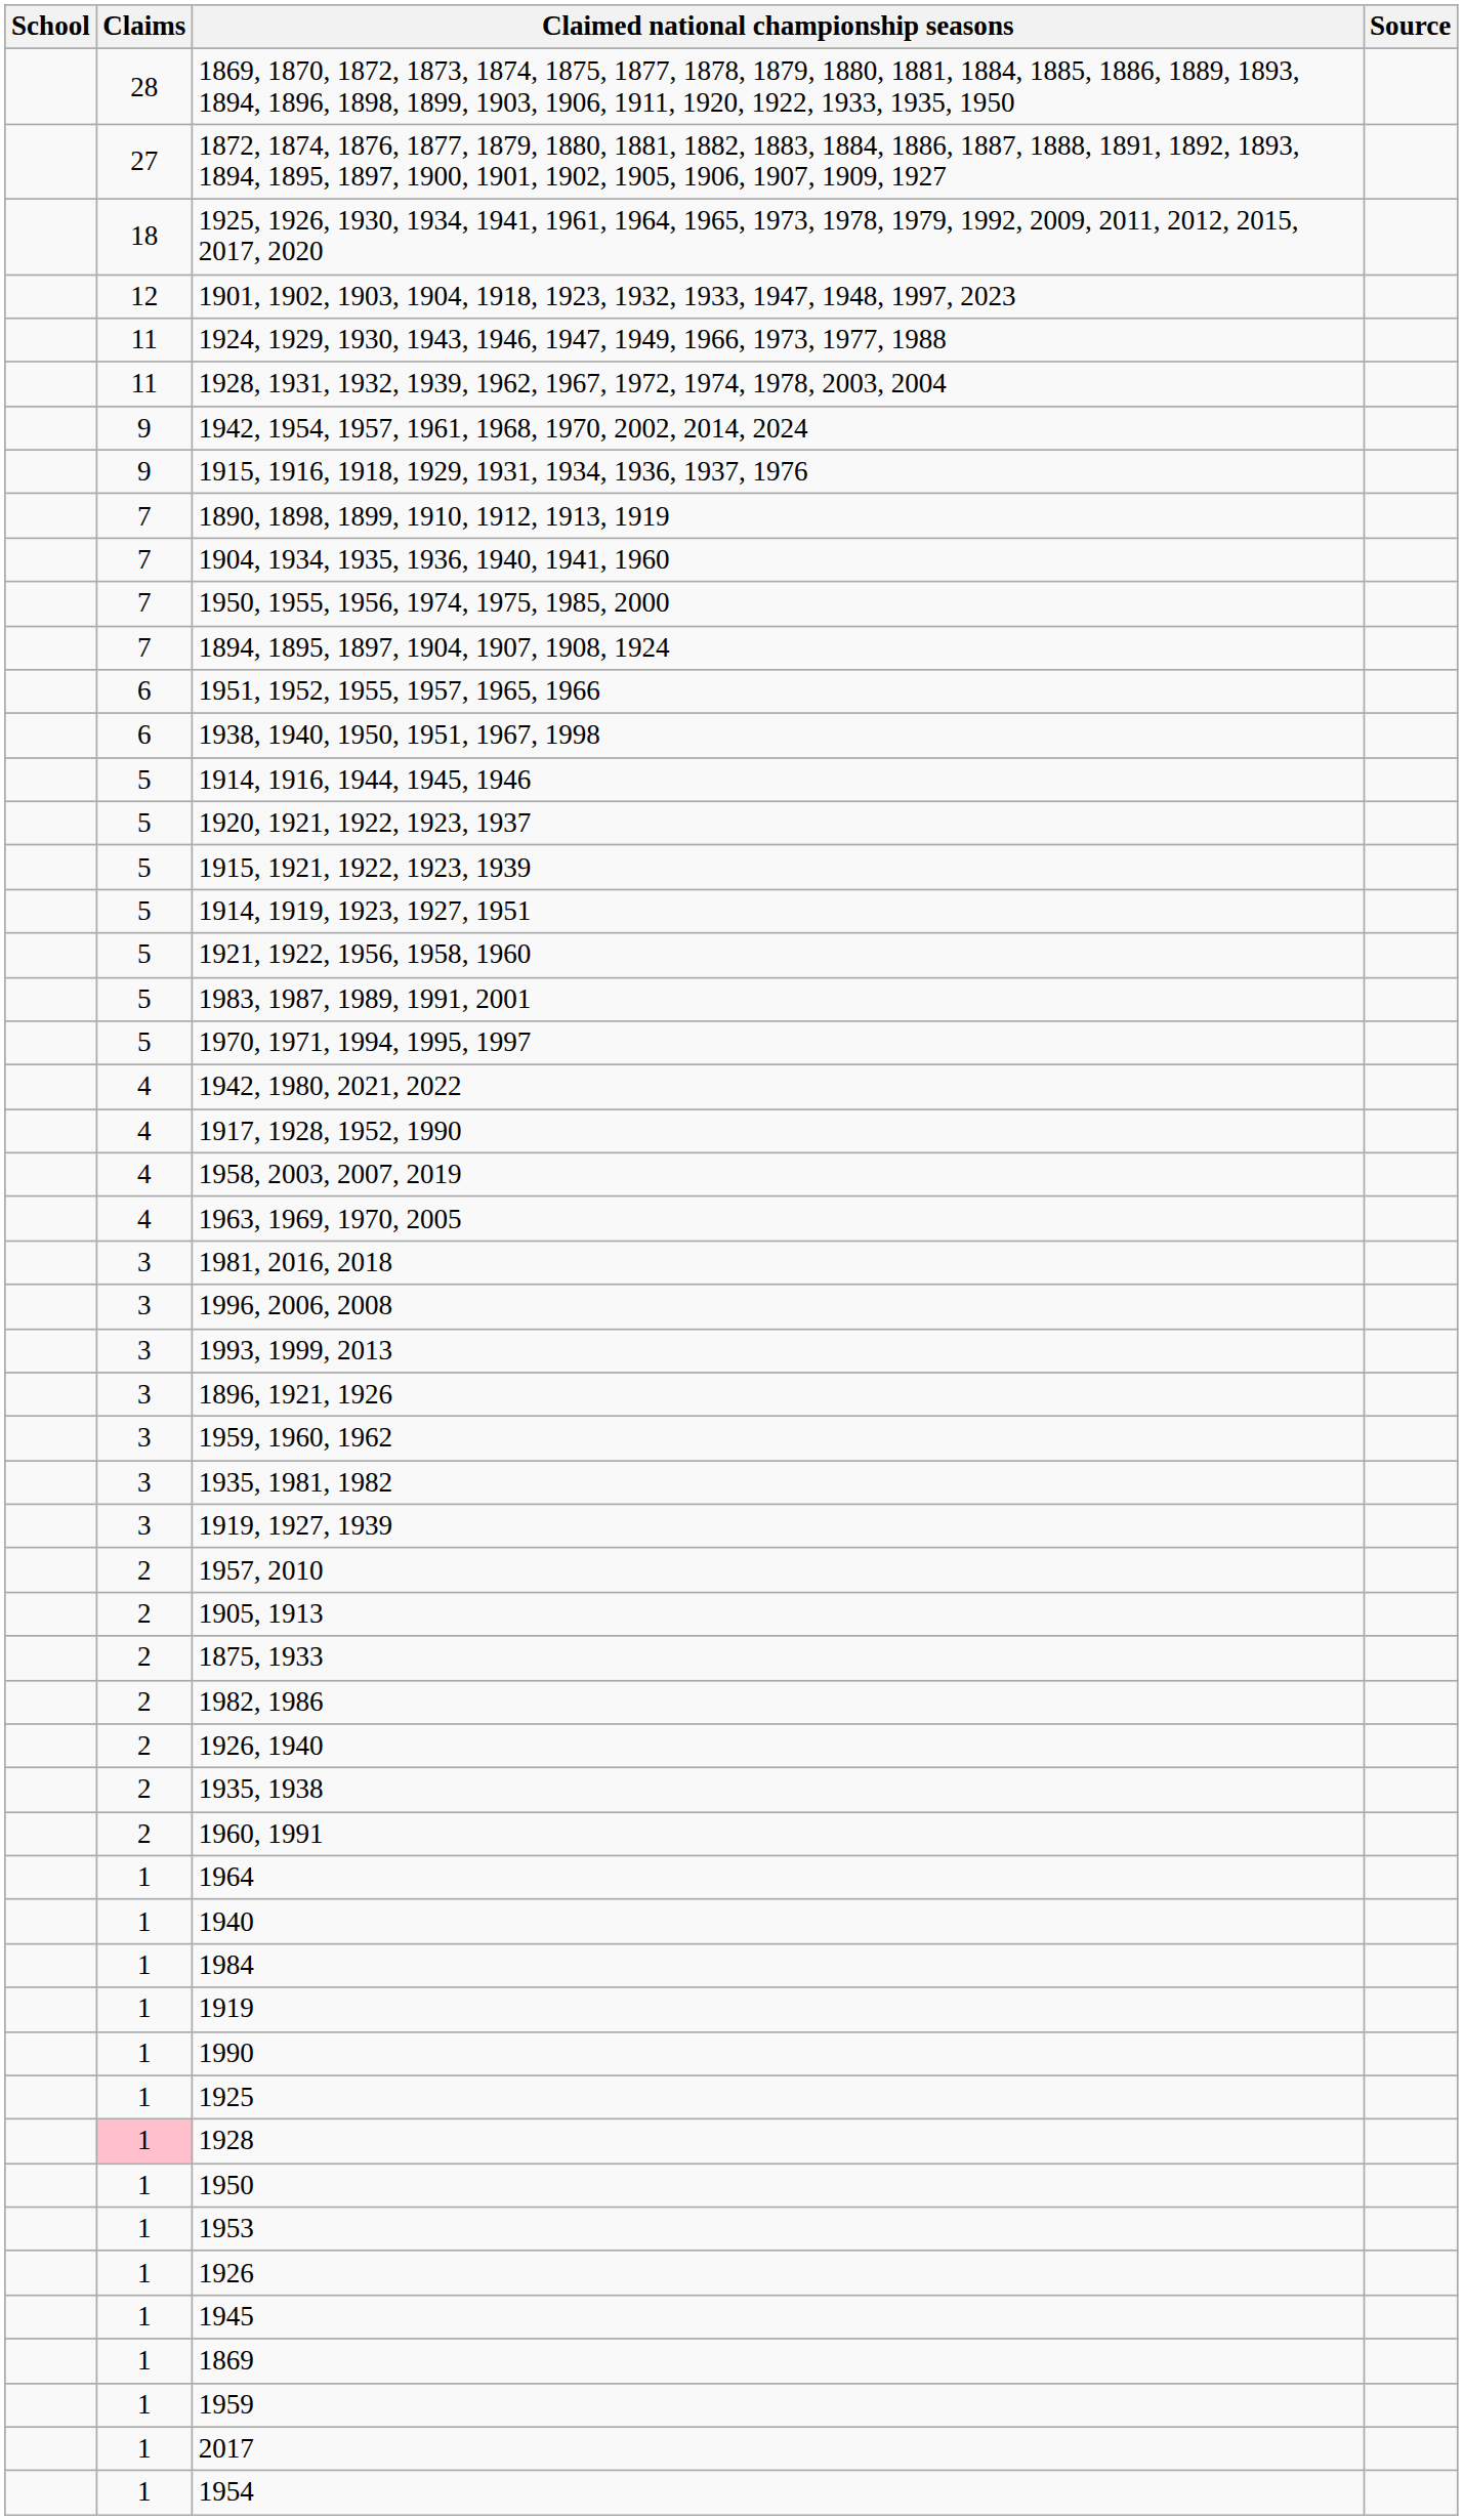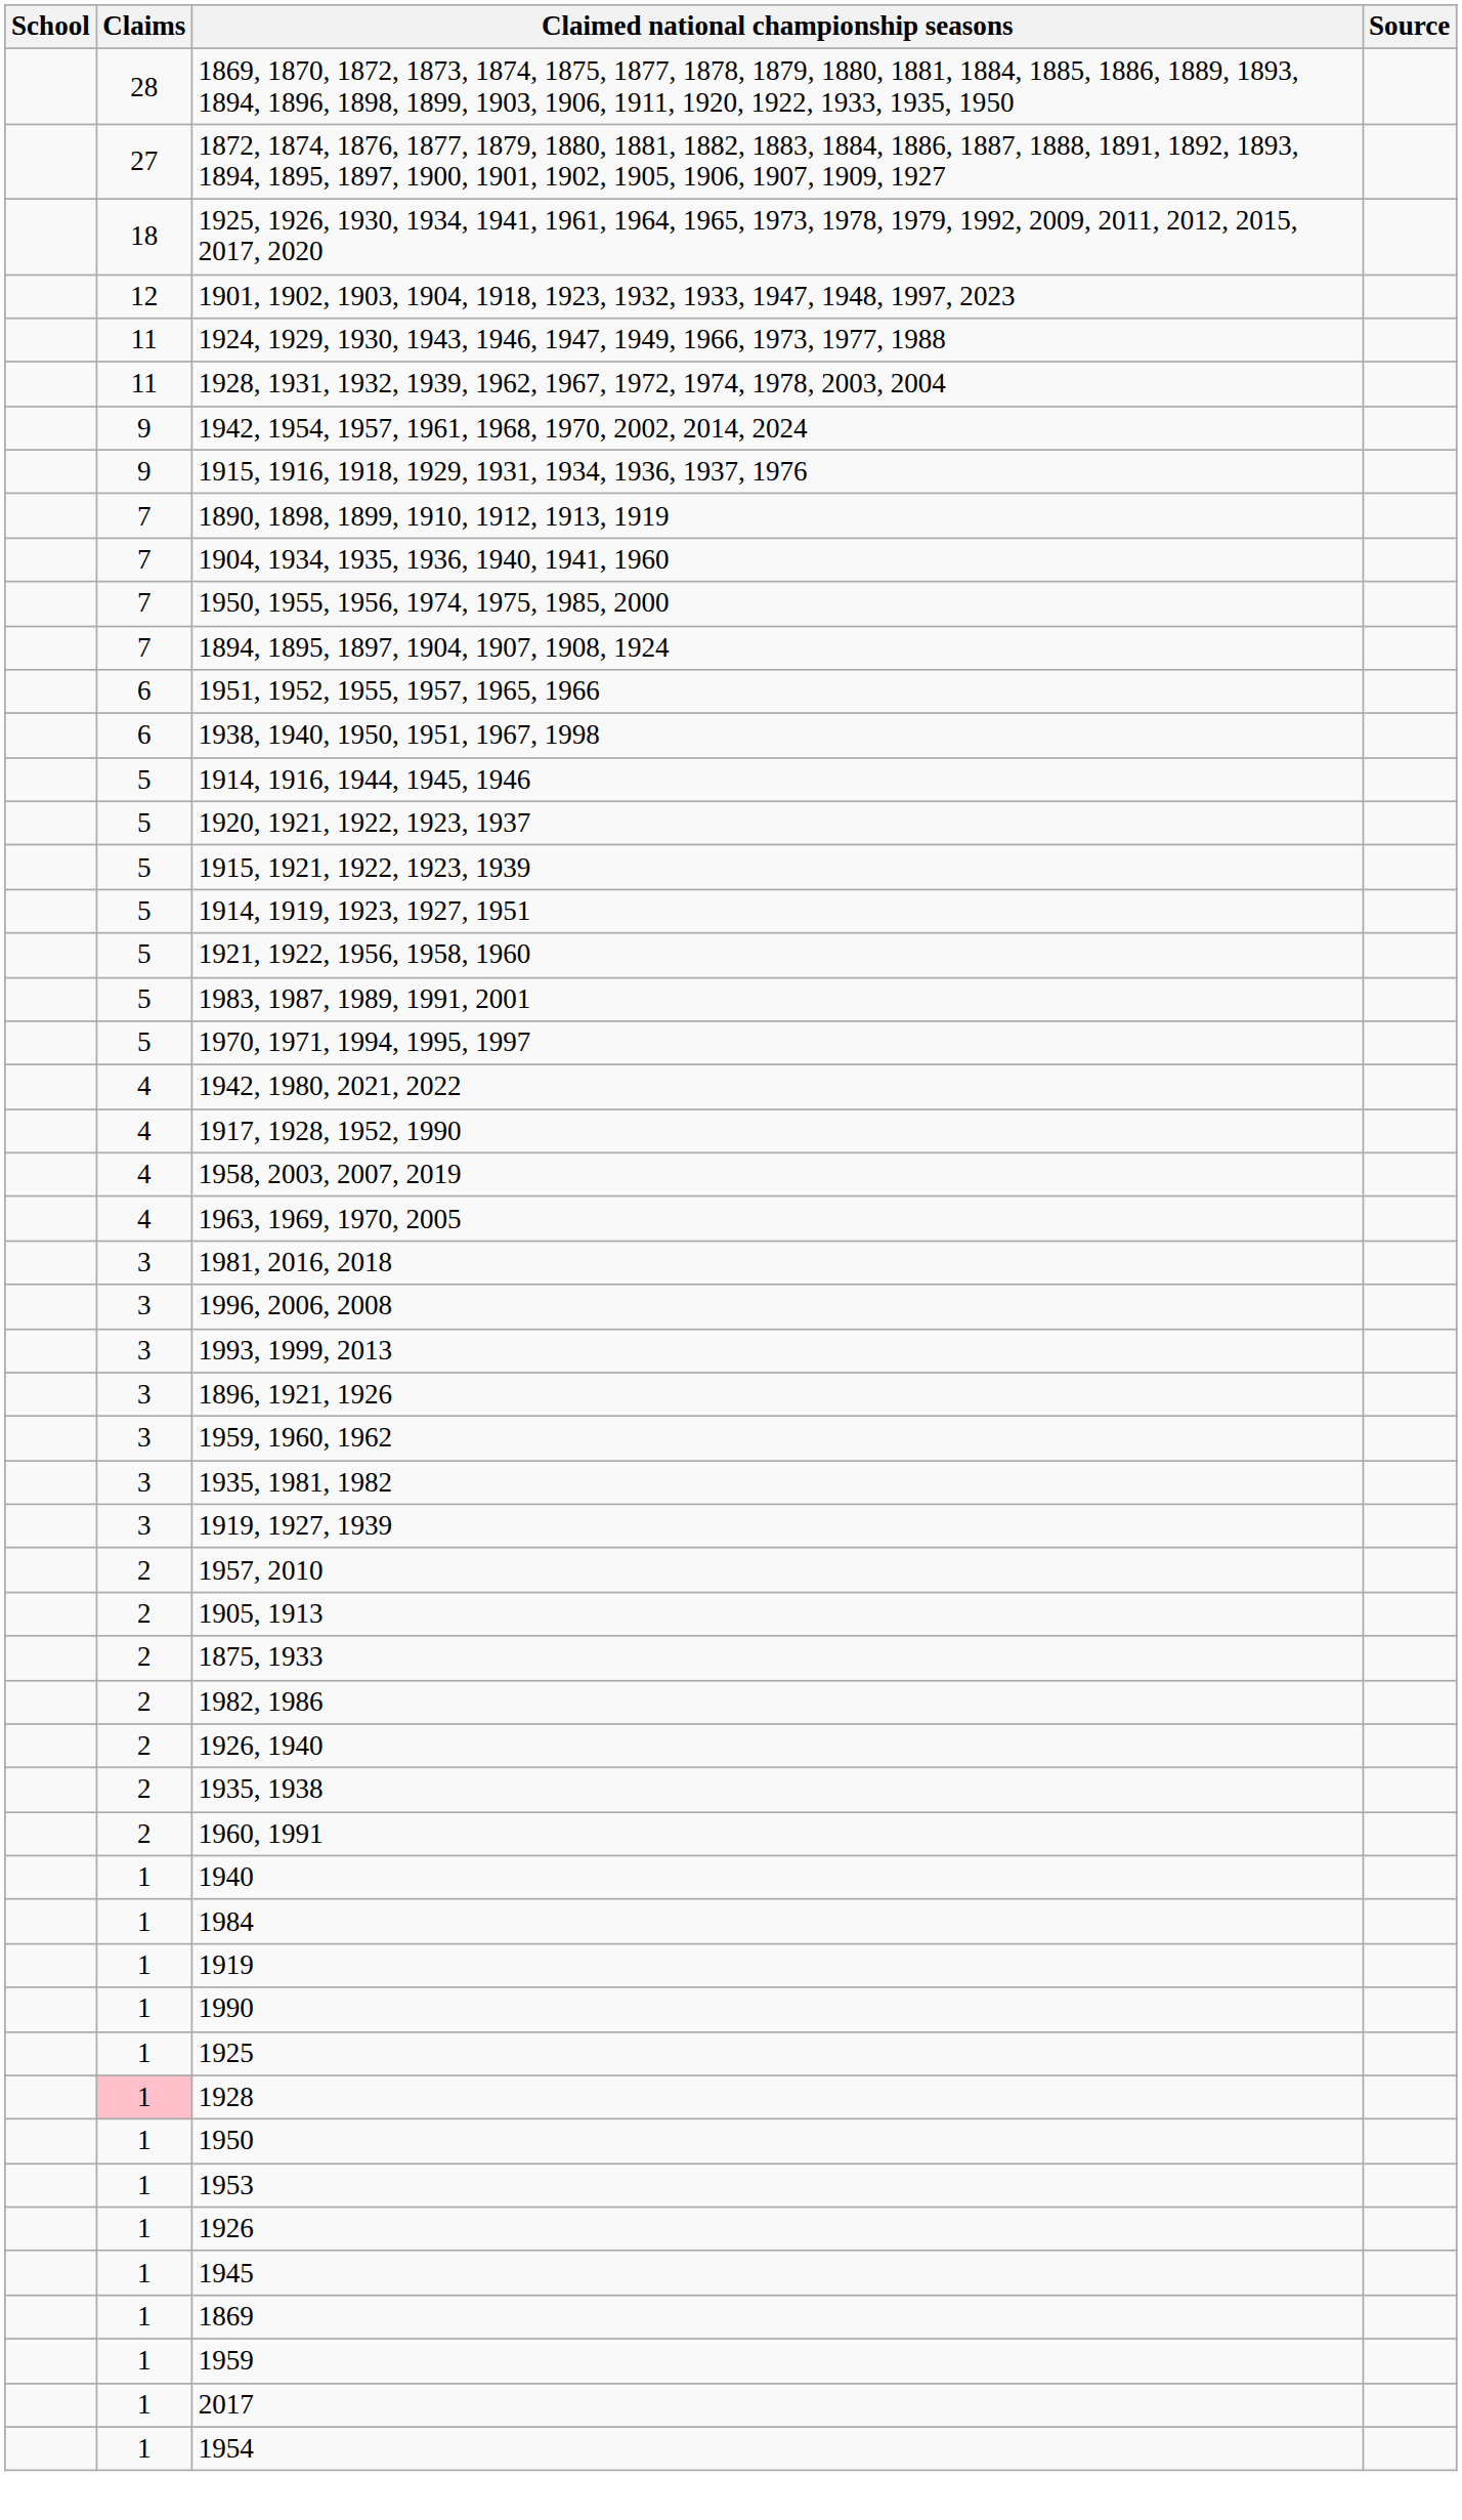 <table class="wikitable sortable" style="width:95%;text-align:center">
 <tr>
 <th style="width:*;">School</th>
 <th style="width:*;">Claims</th>
 <th style="width:*;" class="unsortable">Claimed national championship seasons</th>
 <th style="width:*;" class="unsortable">Source</th>
 </tr>
 <tr>
 <td style=><strong></strong></td>
 <td>28</td>
 <td align=left>1869, 1870, 1872, 1873, 1874, 1875, 1877, 1878, 1879, 1880, 1881, 1884, 1885, 1886, 1889, 1893, 1894, 1896, 1898, 1899, 1903, 1906, 1911, 1920, 1922, 1933, 1935, 1950</td>
 <td></td>
 </tr>
 <tr>
 <td style=><strong><a href='#'></a></strong></td>
 <td>27</td>
 <td align=left>1872, 1874, 1876, 1877, 1879, 1880, 1881, 1882, 1883, 1884, 1886, 1887, 1888, 1891, 1892, 1893,  1894, 1895, 1897, 1900, 1901, 1902, 1905, 1906, 1907, 1909, 1927</td>
 <td></td>
 </tr>
 <tr>
 <td><strong><a href='#'></a></strong></td>
 <td>18</td>
 <td align=left>1925, 1926, 1930, 1934, 1941, 1961, 1964, 1965, 1973, 1978, 1979, 1992, 2009, 2011, 2012, 2015, 2017, 2020</td>
 <td></td>
 </tr>
 <tr>
 <td style=><strong></strong></td>
 <td>12</td>
 <td align=left>1901, 1902, 1903, 1904, 1918, 1923, 1932, 1933, 1947, 1948, 1997, 2023</td>
 <td></td>
 </tr>
 <tr>
 <td><strong></strong></td>
 <td>11</td>
 <td align=left>1924, 1929, 1930, 1943, 1946, 1947, 1949, 1966, 1973, 1977, 1988</td>
 <td></td>
 </tr>
 <tr>
 <td style=><strong></strong></td>
 <td>11</td>
 <td align=left>1928, 1931, 1932, 1939, 1962, 1967, 1972, 1974, 1978, 2003, 2004</td>
 <td></td>
 </tr>
 <tr>
 <td style=><strong><a href='#'></a></strong></td>
 <td>9</td>
 <td align=left>1942, 1954, 1957, 1961, 1968, 1970, 2002, 2014, 2024</td>
 <td></td>
 </tr>
 <tr>
 <td style=><strong></strong></td>
 <td>9</td>
 <td align=left>1915, 1916, 1918, 1929, 1931, 1934, 1936, 1937, 1976</td>
 <td></td>
 </tr>
 <tr>
 <td><strong><a href='#'></a></strong></td>
 <td>7</td>
 <td align=left>1890, 1898, 1899, 1910, 1912, 1913, 1919</td>
 <td></td>
 </tr>
 <tr>
 <td style=><strong></strong></td>
 <td>7</td>
 <td align=left>1904, 1934, 1935, 1936, 1940, 1941, 1960</td>
 <td></td>
 </tr>
 <tr>
 <td style=><strong></strong></td>
 <td>7</td>
 <td align=left>1950, 1955, 1956, 1974, 1975, 1985, 2000</td>
 <td></td>
 </tr>
 <tr>
 <td style=><strong><a href='#'></a></strong></td>
 <td>7</td>
 <td align=left>1894, 1895, 1897, 1904, 1907, 1908, 1924</td>
 <td></td>
 </tr>
 <tr>
 <td style=></td>
 <td>6</td>
 <td align=left>1951, 1952, 1955, 1957, 1965, 1966</td>
 <td></td>
 </tr>
 <tr>
 <td style=><strong><a href='#'></a></strong></td>
 <td>6</td>
 <td align=left>1938, 1940, 1950, 1951, 1967, 1998</td>
 <td></td>
 </tr>
 <tr>
 <td style=><strong></strong></td>
 <td>5</td>
 <td align=left>1914, 1916, 1944, 1945, 1946</td>
 <td></td>
 </tr>
 <tr>
 <td style=><strong></strong></td>
 <td>5</td>
 <td align=left>1920, 1921, 1922, 1923, 1937</td>
 <td></td>
 </tr>
 <tr>
 <td style=><strong><a href='#'></a></strong></td>
 <td>5</td>
 <td align=left>1915, 1921, 1922, 1923, 1939</td>
 <td></td>
 </tr>
 <tr>
 <td style=><strong></strong></td>
 <td>5</td>
 <td align=left>1914, 1919, 1923, 1927, 1951</td>
 <td></td>
 </tr>
 <tr>
 <td style=><strong></strong></td>
 <td>5</td>
 <td align=left>1921, 1922, 1956, 1958, 1960</td>
 <td><br></td>
 </tr>
 <tr>
 <td style=><strong><a href='#'></a></strong></td>
 <td>5</td>
 <td align=left>1983, 1987, 1989, 1991, 2001</td>
 <td></td>
 </tr>
 <tr>
 <td style=><strong></strong></td>
 <td>5</td>
 <td align=left>1970, 1971, 1994, 1995, 1997</td>
 <td></td>
 </tr>
 <tr>
 <td style=><strong><a href='#'></a></strong></td>
 <td>4</td>
 <td align=left>1942, 1980, 2021, 2022</td>
 <td></td>
 </tr>
 <tr>
 <td style=><strong></strong></td>
 <td>4</td>
 <td align=left>1917, 1928, 1952, 1990</td>
 <td></td>
 </tr>
 <tr>
 <td style=><strong></strong></td>
 <td>4</td>
 <td align=left>1958, 2003, 2007, 2019</td>
 <td></td>
 </tr>
 <tr>
 <td style=><strong><a href='#'></a></strong></td>
 <td>4</td>
 <td align=left>1963, 1969, 1970, 2005</td>
 <td></td>
 </tr>
 <tr>
 <td style=><strong><a href='#'></a></strong></td>
 <td>3</td>
 <td align=left>1981, 2016, 2018</td>
 <td></td>
 </tr>
 <tr>
 <td style=><strong><a href='#'></a></strong></td>
 <td>3</td>
 <td align=left>1996, 2006, 2008</td>
 <td></td>
 </tr>
 <tr>
 <td style=><strong></strong></td>
 <td>3</td>
 <td align=left>1993, 1999, 2013</td>
 <td></td>
 </tr>
 <tr>
 <td style=><strong><a href='#'></a></strong></td>
 <td>3</td>
 <td align=left>1896, 1921, 1926</td>
 <td></td>
 </tr>
 <tr>
 <td style=><strong><a href='#'></a></strong></td>
 <td>3</td>
 <td align=left>1959, 1960, 1962</td>
 <td></td>
 </tr>
 <tr>
 <td style=><strong><a href='#'></a></strong></td>
 <td>3</td>
 <td align=left>1935, 1981, 1982</td>
 <td></td>
 </tr>
 <tr>
 <td style=><strong><a href='#'></a></strong></td>
 <td>3</td>
 <td align=left>1919, 1927, 1939</td>
 <td></td>
 </tr>
 <tr>
 <td style=><strong></strong></td>
 <td>2</td>
 <td align=left>1957, 2010</td>
 <td></td>
 </tr>
 <tr>
 <td style=><strong><a href='#'></a></strong></td>
 <td>2</td>
 <td align=left>1905, 1913</td>
 <td></td>
 </tr>
 <tr>
 <td style=><strong></strong></td>
 <td>2</td>
 <td align=left>1875, 1933</td>
 <td></td>
 </tr>
 <tr>
 <td style=><strong><a href='#'></a></strong></td>
 <td>2</td>
 <td align=left>1982, 1986</td>
 <td></td>
 </tr>
 <tr>
 <td style=><strong><a href='#'></a></strong></td>
 <td>2</td>
 <td align=left>1926, 1940</td>
 <td></td>
 </tr>
 <tr>
 <td style=><strong><a href='#'></a></strong></td>
 <td>2</td>
 <td align=left>1935, 1938</td>
 <td></td>
 </tr>
 <tr>
 <td style=><strong></strong></td>
 <td>2</td>
 <td align=left>1960, 1991</td>
 <td></td>
 </tr>
 <tr>
-<td style=><strong><a href='#'></a></strong></td>
-<td>1</td>
-<td align=left>1964</td>
-<td></td>
-</tr>
-<tr>
 <td style=></td>
 <td>1</td>
 <td align=left>1940</td>
 <td></td>
 </tr>
 <tr>
 <td style=><strong><a href='#'></a></strong></td>
 <td>1</td>
 <td align=left>1984</td>
 <td></td>
 </tr>
 <tr>
 <td style=><strong></strong></td>
 <td>1</td>
 <td align=left>1919</td>
 <td></td>
 </tr>
 <tr>
 <td style=><strong></strong></td>
 <td>1</td>
 <td align=left>1990</td>
 <td></td>
 </tr>
 <tr>
 <td style=><strong><a href='#'></a></strong></td>
 <td>1</td>
 <td align=left>1925</td>
 <td></td>
 </tr>
 <tr>
 <td style=><strong><a href='#'></a></strong></td>
 <td style="background: pink;">1</td>
 <td align=left>1928</td>
 <td></td>
 </tr>
 <tr>
 <td style=><strong></strong></td>
 <td>1</td>
 <td align=left>1950</td>
 <td></td>
 </tr>
 <tr>
 <td style=><strong><a href='#'></a></strong></td>
 <td>1</td>
 <td align=left>1953</td>
 <td></td>
 </tr>
 <tr>
 <td style=><strong></strong></td>
 <td>1</td>
 <td align=left>1926</td>
 <td></td>
 </tr>
 <tr>
 <td style=><strong></strong></td>
 <td>1</td>
 <td align=left>1945</td>
 <td></td>
 </tr>
 <tr>
 <td style=><strong><a href='#'></a></strong></td>
 <td>1</td>
 <td align=left>1869</td>
 <td></td>
 </tr>
 <tr>
 <td style=><strong></strong></td>
 <td>1</td>
 <td align=left>1959</td>
 <td></td>
 </tr>
 <tr>
 <td style=><strong></strong></td>
 <td>1</td>
 <td align=left>2017</td>
 <td></td>
 </tr>
 <tr>
 <td style=><strong><a href='#'></a></strong></td>
 <td>1</td>
 <td align=left>1954</td>
 <td></td>
 </tr>
 </table>
